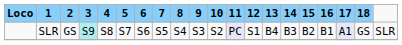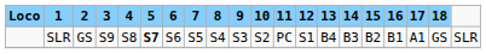 <table class="wikitable plainrowheaders unsortable" style="text-align:center">
 <tr>
 <th scope="col" rowspan="1" style="background:lightskyblue;">Loco</th>
 <th scope="col" rowspan="1" style="background:lightskyblue;">1</th>
 <th scope="col" rowspan="1" style="background:lightskyblue;">2</th>
 <th rowspan="1" scope="col" style="background:lightskyblue;">3</th>
 <th rowspan="1" scope="col" style="background:lightskyblue;">4</th>
 <th rowspan="1" scope="col" style="background:lightskyblue;">5</th>
 <th rowspan="1" scope="col" style="background:lightskyblue;">6</th>
 <th rowspan="1" scope="col" style="background:lightskyblue;">7</th>
 <th rowspan="1" scope="col" style="background:lightskyblue;">8</th>
 <th rowspan="1" scope="col" style="background:lightskyblue;">9</th>
 <th rowspan="1" scope="col" style="background:lightskyblue;">10</th>
 <th rowspan="1" scope="col" style="background:lightskyblue;">11</th>
 <th rowspan="1" scope="col" style="background:lightskyblue;">12</th>
 <th rowspan="1" scope="col" style="background:lightskyblue;">13</th>
 <th rowspan="1" scope="col" style="background:lightskyblue;">14</th>
 <th rowspan="1" scope="col" style="background:lightskyblue;">15</th>
 <th rowspan="1" scope="col" style="background:lightskyblue;">16</th>
 <th rowspan="1" scope="col" style="background:lightskyblue;">17</th>
 <th rowspan="1" scope="col" style="background:lightskyblue;">18</th>
 </tr>
 <tr>
 <td></td>
 <td>SLR</td>
 <td>GS</td>
-<td style="background: paleturquoise;">S9</td>
+<td>S9</td>
 <td>S8</td>
-<td>S7</td>
+<td><strong>S7</strong></td>
 <td>S6</td>
 <td>S5</td>
 <td>S4</td>
 <td>S3</td>
 <td>S2</td>
-<td style="background: lavender;">PC</td>
+<td>PC</td>
 <td>S1</td>
 <td>B4</td>
 <td>B3</td>
 <td>B2</td>
 <td>B1</td>
-<td style="background: lavender;">A1</td>
+<td>A1</td>
 <td>GS</td>
 <td>SLR</td>
 </tr>
 <tr>
 </tr>
 </table>
